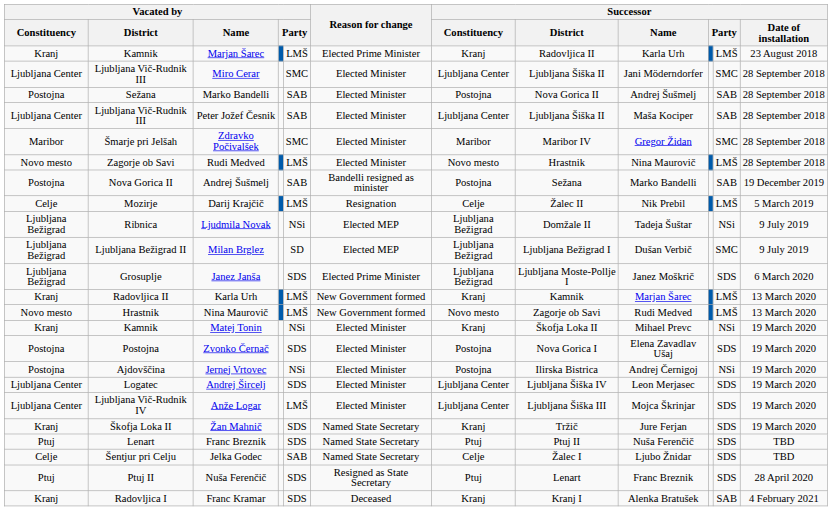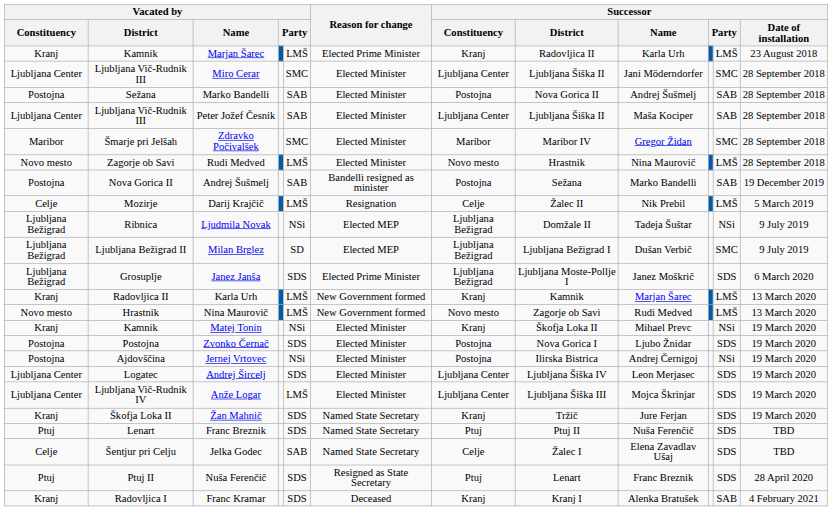 <table class="wikitable" style="text-align: center;line-height:16px;">
 <tr>
 <th colspan="5">Vacated by</th>
 <th rowspan="2">Reason for change</th>
 <th colspan="6">Successor</th>
 </tr>
 <tr>
 <th>Constituency</th>
 <th>District</th>
 <th>Name</th>
 <th colspan="2">Party</th>
 <th>Constituency</th>
 <th>District</th>
 <th>Name</th>
 <th colspan="2">Party</th>
 <th>Date of installation</th>
 </tr>
 <tr>
 <td>Kranj</td>
 <td>Kamnik</td>
 <td><a href='#'>Marjan Šarec</a></td>
 <td style="background:#005bab"></td>
 <td>LMŠ</td>
 <td>Elected Prime Minister</td>
 <td>Kranj</td>
 <td>Radovljica II</td>
 <td>Karla Urh</td>
 <td style="background:#005bab"></td>
 <td>LMŠ</td>
 <td>23 August 2018</td>
 </tr>
 <tr>
 <td>Ljubljana Center</td>
 <td>Ljubljana Vič-Rudnik III</td>
 <td><a href='#'>Miro Cerar</a></td>
 <td style="background:"></td>
 <td>SMC</td>
 <td>Elected Minister</td>
 <td>Ljubljana Center</td>
 <td>Ljubljana Šiška II</td>
 <td>Jani Möderndorfer</td>
 <td style="background:"></td>
 <td>SMC</td>
 <td>28 September 2018</td>
 </tr>
 <tr>
 <td>Postojna</td>
 <td>Sežana</td>
 <td>Marko Bandelli</td>
 <td style="background:"></td>
 <td>SAB</td>
 <td>Elected Minister</td>
 <td>Postojna</td>
 <td>Nova Gorica II</td>
 <td>Andrej Šušmelj</td>
 <td style="background:"></td>
 <td>SAB</td>
 <td>28 September 2018</td>
 </tr>
 <tr>
 <td>Ljubljana Center</td>
 <td>Ljubljana Vič-Rudnik III</td>
 <td>Peter Jožef Česnik</td>
 <td style="background:"></td>
 <td>SAB</td>
 <td>Elected Minister</td>
 <td>Ljubljana Center</td>
 <td>Ljubljana Šiška II</td>
 <td>Maša Kociper</td>
 <td style="background:"></td>
 <td>SAB</td>
 <td>28 September 2018</td>
 </tr>
 <tr>
 <td>Maribor</td>
 <td>Šmarje pri Jelšah</td>
 <td><a href='#'>Zdravko Počivalšek</a></td>
 <td style="background:"></td>
 <td>SMC</td>
 <td>Elected Minister</td>
 <td>Maribor</td>
 <td>Maribor IV</td>
 <td><a href='#'>Gregor Židan</a></td>
 <td style="background:"></td>
 <td>SMC</td>
 <td>28 September 2018</td>
 </tr>
 <tr>
 <td>Novo mesto</td>
 <td>Zagorje ob Savi</td>
 <td>Rudi Medved</td>
 <td style="background:#005bab"></td>
 <td>LMŠ</td>
 <td>Elected Minister</td>
 <td>Novo mesto</td>
 <td>Hrastnik</td>
 <td>Nina Maurovič</td>
 <td style="background:#005bab"></td>
 <td>LMŠ</td>
 <td>28 September 2018</td>
 </tr>
 <tr>
 <td>Postojna</td>
 <td>Nova Gorica II</td>
 <td>Andrej Šušmelj</td>
 <td style="background:"></td>
 <td>SAB</td>
 <td>Bandelli resigned as minister</td>
 <td>Postojna</td>
 <td>Sežana</td>
 <td>Marko Bandelli</td>
 <td style="background:"></td>
 <td>SAB</td>
 <td>19 December 2019</td>
 </tr>
 <tr>
 <td>Celje</td>
 <td>Mozirje</td>
 <td>Darij Krajčič</td>
 <td style="background:#005bab"></td>
 <td>LMŠ</td>
 <td>Resignation</td>
 <td>Celje</td>
 <td>Žalec II</td>
 <td>Nik Prebil</td>
 <td style="background:#005bab"></td>
 <td>LMŠ</td>
 <td>5 March 2019</td>
 </tr>
 <tr>
 <td>Ljubljana Bežigrad</td>
 <td>Ribnica</td>
 <td><a href='#'>Ljudmila Novak</a></td>
 <td style="background:"></td>
 <td>NSi</td>
 <td>Elected MEP</td>
 <td>Ljubljana Bežigrad</td>
 <td>Domžale II</td>
 <td>Tadeja Šuštar</td>
 <td style="background:"></td>
 <td>NSi</td>
 <td>9 July 2019</td>
 </tr>
 <tr>
 <td>Ljubljana Bežigrad</td>
 <td>Ljubljana Bežigrad II</td>
 <td><a href='#'>Milan Brglez</a></td>
 <td style="background:"></td>
 <td>SD</td>
 <td>Elected MEP</td>
 <td>Ljubljana Bežigrad</td>
 <td>Ljubljana Bežigrad I</td>
 <td>Dušan Verbič</td>
 <td style="background:"></td>
 <td>SMC</td>
 <td>9 July 2019</td>
 </tr>
 <tr>
 <td>Ljubljana Bežigrad</td>
 <td>Grosuplje</td>
 <td><a href='#'>Janez Janša</a></td>
 <td style="background:"></td>
 <td>SDS</td>
 <td>Elected Prime Minister</td>
 <td>Ljubljana Bežigrad</td>
 <td>Ljubljana Moste-Pollje I</td>
 <td>Janez Moškrič</td>
 <td style="background:"></td>
 <td>SDS</td>
 <td>6 March 2020</td>
 </tr>
 <tr>
 <td>Kranj</td>
 <td>Radovljica II</td>
 <td>Karla Urh</td>
 <td style="background:#005bab"></td>
 <td>LMŠ</td>
 <td>New Government formed</td>
 <td>Kranj</td>
 <td>Kamnik</td>
 <td><a href='#'>Marjan Šarec</a></td>
 <td style="background:#005bab"></td>
 <td>LMŠ</td>
 <td>13 March 2020</td>
 </tr>
 <tr>
 <td>Novo mesto</td>
 <td>Hrastnik</td>
 <td>Nina Maurovič</td>
 <td style="background:#005bab"></td>
 <td>LMŠ</td>
 <td>New Government formed</td>
 <td>Novo mesto</td>
 <td>Zagorje ob Savi</td>
 <td>Rudi Medved</td>
 <td style="background:#005bab"></td>
 <td>LMŠ</td>
 <td>13 March 2020</td>
 </tr>
 <tr>
 <td>Kranj</td>
 <td>Kamnik</td>
 <td><a href='#'>Matej Tonin</a></td>
 <td style="background:"></td>
 <td>NSi</td>
 <td>Elected Minister</td>
 <td>Kranj</td>
 <td>Škofja Loka II</td>
 <td>Mihael Prevc</td>
 <td style="background:"></td>
 <td>NSi</td>
 <td>19 March 2020</td>
 </tr>
 <tr>
 <td>Postojna</td>
 <td>Postojna</td>
 <td><a href='#'>Zvonko Černač</a></td>
 <td style="background:"></td>
 <td>SDS</td>
 <td>Elected Minister</td>
 <td>Postojna</td>
 <td>Nova Gorica I</td>
-<td>Elena Zavadlav Ušaj</td>
+<td>Ljubo Žnidar</td>
 <td style="background:"></td>
 <td>SDS</td>
 <td>19 March 2020</td>
 </tr>
 <tr>
 <td>Postojna</td>
 <td>Ajdovščina</td>
 <td><a href='#'>Jernej Vrtovec</a></td>
 <td style="background:"></td>
 <td>NSi</td>
 <td>Elected Minister</td>
 <td>Postojna</td>
 <td>Ilirska Bistrica</td>
 <td>Andrej Černigoj</td>
 <td style="background:"></td>
 <td>NSi</td>
 <td>19 March 2020</td>
 </tr>
 <tr>
 <td>Ljubljana Center</td>
 <td>Logatec</td>
 <td><a href='#'>Andrej Šircelj</a></td>
 <td style="background:"></td>
 <td>SDS</td>
 <td>Elected Minister</td>
 <td>Ljubljana Center</td>
 <td>Ljubljana Šiška IV</td>
 <td>Leon Merjasec</td>
 <td style="background:"></td>
 <td>SDS</td>
 <td>19 March 2020</td>
 </tr>
 <tr>
 <td>Ljubljana Center</td>
 <td>Ljubljana Vič-Rudnik IV</td>
 <td><a href='#'>Anže Logar</a></td>
 <td style="background:"></td>
 <td>LMŠ</td>
 <td>Elected Minister</td>
 <td>Ljubljana Center</td>
 <td>Ljubljana Šiška III</td>
 <td>Mojca Škrinjar</td>
 <td style="background:"></td>
 <td>SDS</td>
 <td>19 March 2020</td>
 </tr>
 <tr>
 <td>Kranj</td>
 <td>Škofja Loka II</td>
 <td><a href='#'>Žan Mahnič</a></td>
 <td style="background:"></td>
 <td>SDS</td>
 <td>Named State Secretary</td>
 <td>Kranj</td>
 <td>Tržič</td>
 <td>Jure Ferjan</td>
 <td style="background:"></td>
 <td>SDS</td>
 <td>19 March 2020</td>
 </tr>
 <tr>
 <td>Ptuj</td>
 <td>Lenart</td>
 <td>Franc Breznik</td>
 <td style="background:"></td>
 <td>SDS</td>
 <td>Named State Secretary</td>
 <td>Ptuj</td>
 <td>Ptuj II</td>
 <td>Nuša Ferenčič</td>
 <td style="background:"></td>
 <td>SDS</td>
 <td>TBD</td>
 </tr>
 <tr>
 <td>Celje</td>
 <td>Šentjur pri Celju</td>
 <td>Jelka Godec</td>
 <td style="background:"></td>
 <td>SAB</td>
 <td>Named State Secretary</td>
 <td>Celje</td>
 <td>Žalec I</td>
-<td>Ljubo Žnidar</td>
+<td>Elena Zavadlav Ušaj</td>
 <td style="background:"></td>
 <td>SDS</td>
 <td>TBD</td>
 </tr>
 <tr>
 <td>Ptuj</td>
 <td>Ptuj II</td>
 <td>Nuša Ferenčič</td>
 <td style="background:"></td>
 <td>SDS</td>
 <td>Resigned as State Secretary</td>
 <td>Ptuj</td>
 <td>Lenart</td>
 <td>Franc Breznik</td>
 <td style="background:"></td>
 <td>SDS</td>
 <td>28 April 2020</td>
 </tr>
 <tr>
 <td>Kranj</td>
 <td>Radovljica I</td>
 <td>Franc Kramar</td>
 <td style="background:"></td>
 <td>SDS</td>
 <td>Deceased</td>
 <td>Kranj</td>
 <td>Kranj I</td>
 <td>Alenka Bratušek</td>
 <td style="background:"></td>
 <td>SAB</td>
 <td>4 February 2021</td>
 </tr>
 </table>
